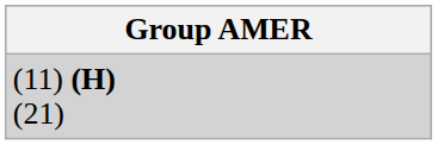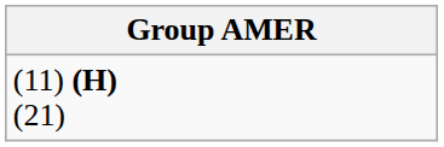 <table class="wikitable" style="width:25%;">
 <tr>
 <th width=30%>Group AMER</th>
 </tr>
 <tr>
-<td valign=top style="background: lightgrey;"> (11) <strong>(H)</strong><br> (21)</td>
+<td valign=top> (11) <strong>(H)</strong><br> (21)</td>
 </tr>
 </table>
